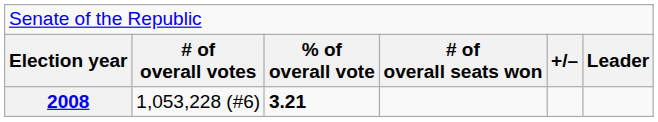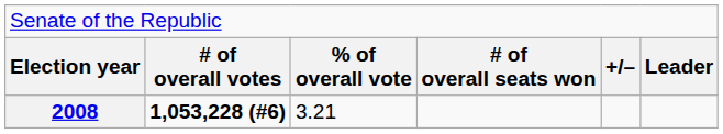 <table class=wikitable>
 <tr>
 <td colspan=8><a href='#'>Senate of the Republic</a></td>
 </tr>
 <tr>
 <th>Election year</th>
 <th># of<br>overall votes</th>
 <th>% of<br>overall vote</th>
 <th># of<br>overall seats won</th>
 <th>+/–</th>
 <th>Leader</th>
 </tr>
 <tr>
 <th><a href='#'>2008</a></th>
-<td>1,053,228 (#6)</td>
-<td><strong>3.21</strong></td>
+<td><strong>1,053,228 (#6)</strong></td>
+<td>3.21</td>
 <td></td>
 <td></td>
 <td></td>
 </tr>
 </table>
